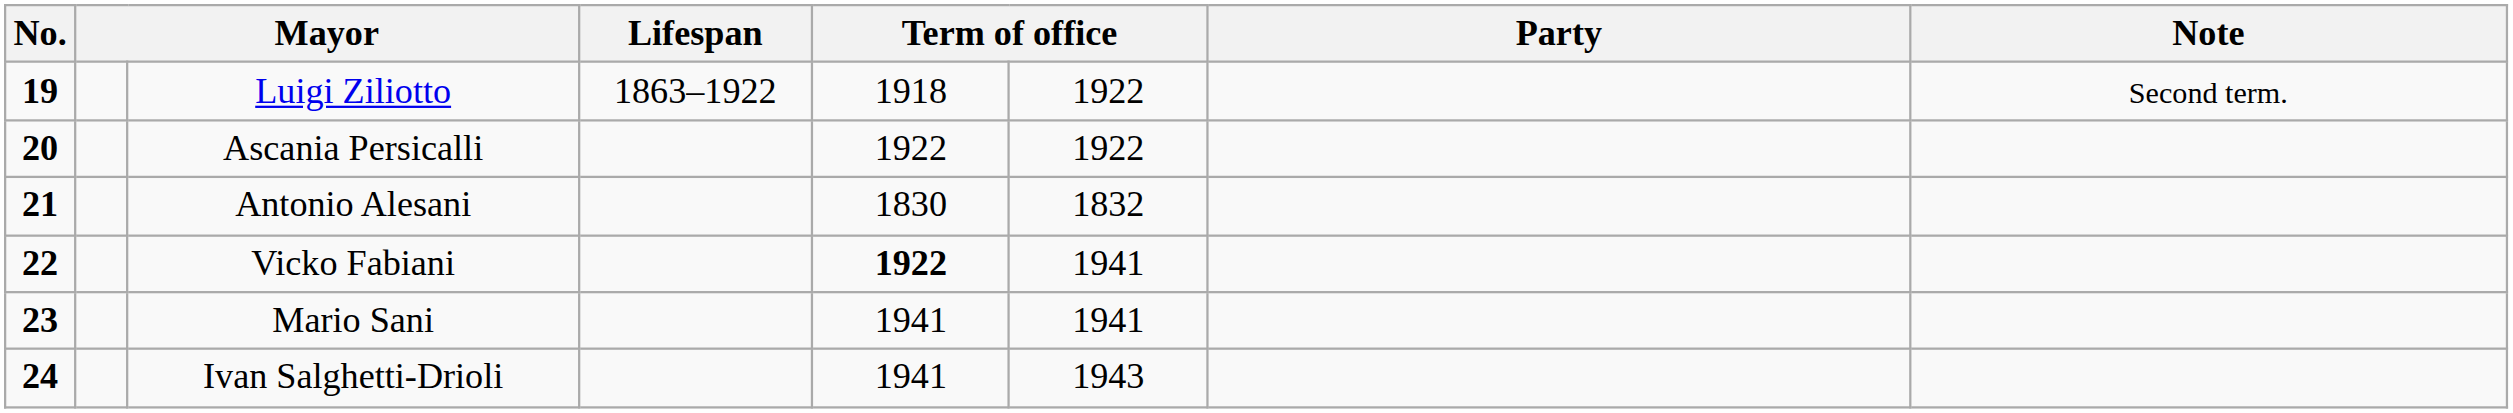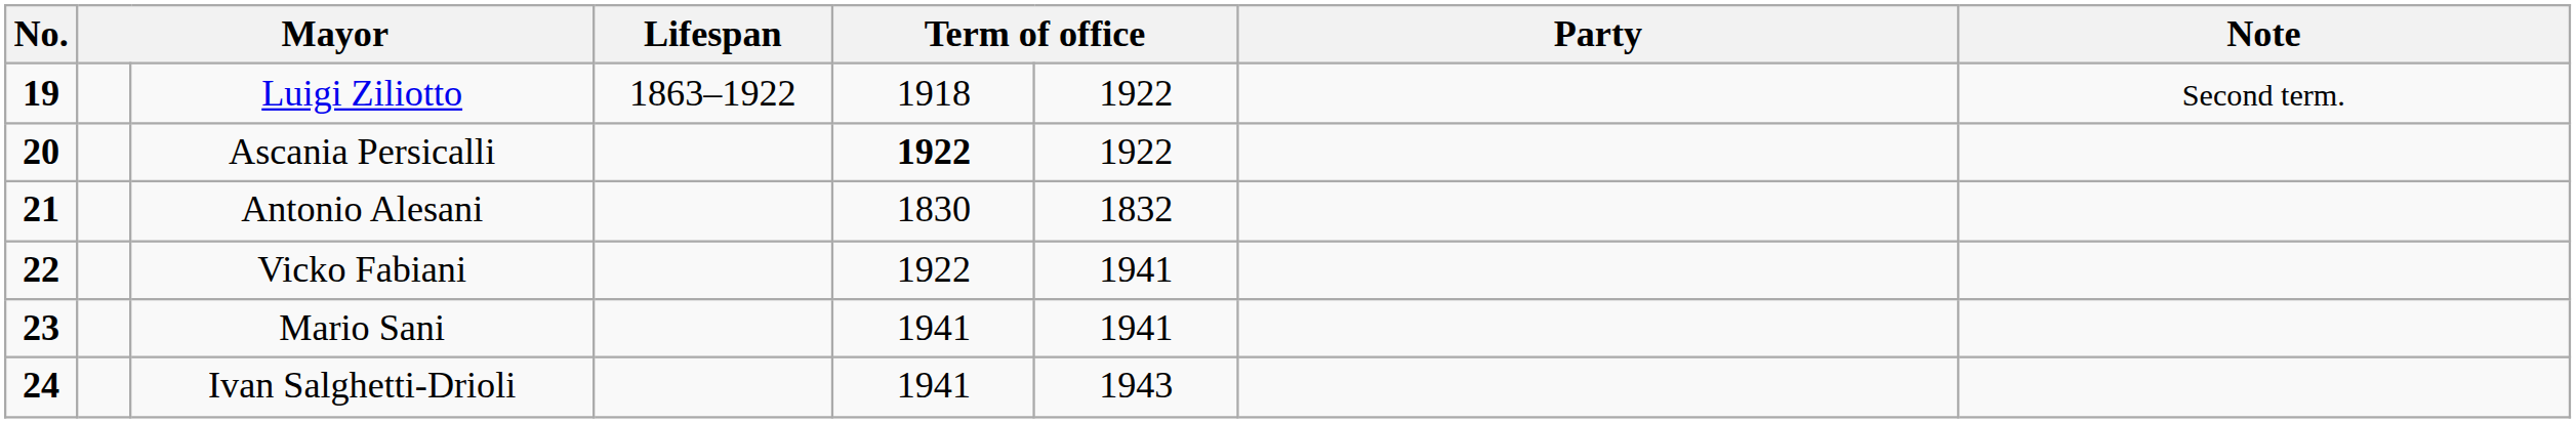 <table class="wikitable" style="text-align:center;">
 <tr>
 <th>No.</th>
 <th colspan=2>Mayor</th>
 <th>Lifespan</th>
 <th colspan=2>Term of office</th>
 <th>Party</th>
 <th>Note</th>
 </tr>
 <tr>
 <td style="width:1em;"><strong>19</strong></td>
 <td style="width:1em;"></td>
 <td style="width:12em;"><a href='#'>Luigi Ziliotto</a></td>
 <td style="width:6em;">1863–1922</td>
 <td style="width:5em;"><small></small>1918</td>
 <td style="width:5em;"><small></small>1922</td>
 <td style="width:19em;"></td>
 <td style="width:16em;"><small>Second term.</small></td>
 </tr>
 <tr>
 <td style="width:1em;"><strong>20</strong></td>
 <td style="width:1em;"></td>
 <td style="width:12em;">Ascania Persicalli</td>
 <td style="width:6em;"></td>
-<td style="width:5em;"><small></small>1922</td>
+<td style="width:5em;"><strong><small></small>1922</strong></td>
 <td style="width:5em;"><small></small>1922</td>
 <td style="width:19em;"></td>
 <td style="width:16em;"><small></small></td>
 </tr>
 <tr>
 <td style="width:1em;"><strong>21</strong></td>
 <td style="width:1em;"></td>
 <td style="width:12em;">Antonio Alesani</td>
 <td style="width:6em;"></td>
 <td style="width:5em;"><small></small>1830</td>
 <td style="width:5em;"><small></small>1832</td>
 <td style="width:19em;"></td>
 <td style="width:16em;"><small></small></td>
 </tr>
 <tr>
 <td style="width:1em;"><strong>22</strong></td>
 <td style="width:1em;"></td>
 <td style="width:12em;">Vicko Fabiani</td>
 <td style="width:6em;"></td>
-<td style="width:5em;"><strong><small></small>1922</strong></td>
+<td style="width:5em;"><small></small>1922</td>
 <td style="width:5em;"><small></small>1941</td>
 <td style="width:19em;"></td>
 <td style="width:16em;"><small></small></td>
 </tr>
 <tr>
 <td style="width:1em;"><strong>23</strong></td>
 <td style="width:1em;"></td>
 <td style="width:12em;">Mario Sani</td>
 <td style="width:6em;"></td>
 <td style="width:5em;"><small></small>1941</td>
 <td style="width:5em;"><small></small>1941</td>
 <td style="width:19em;"></td>
 <td style="width:16em;"><small></small></td>
 </tr>
 <tr>
 <td style="width:1em;"><strong>24</strong></td>
 <td style="width:1em;"></td>
 <td style="width:12em;">Ivan Salghetti-Drioli</td>
 <td style="width:6em;"></td>
 <td style="width:5em;"><small></small>1941</td>
 <td style="width:5em;"><small></small>1943</td>
 <td style="width:19em;"></td>
 <td style="width:16em;"><small></small></td>
 </tr>
 </table>
